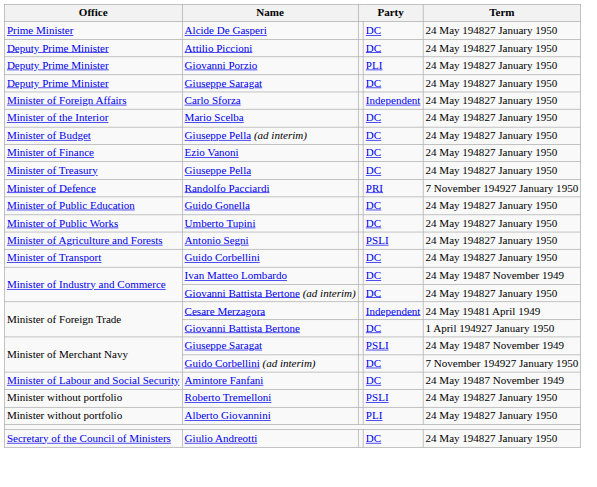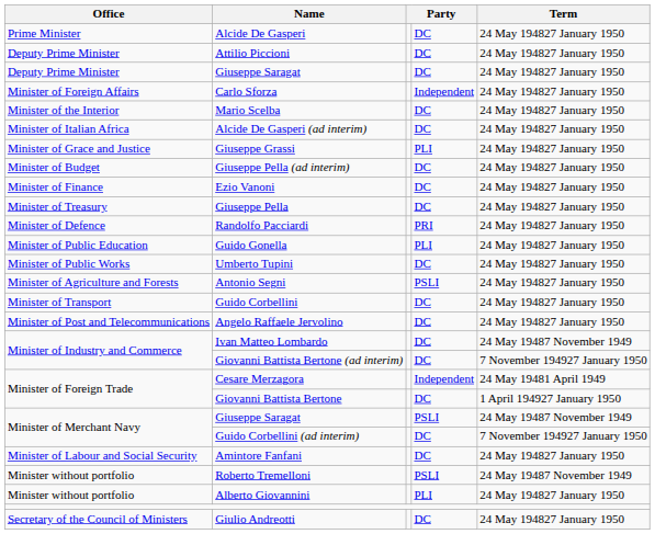 <table class="wikitable">
 <tr>
 <th>Office</th>
 <th>Name</th>
 <th colspan=2>Party</th>
 <th>Term</th>
 </tr>
 <tr>
 <td><a href='#'>Prime Minister</a></td>
 <td><a href='#'>Alcide De Gasperi</a></td>
 <td></td>
 <td><a href='#'>DC</a></td>
 <td>24 May 194827 January 1950</td>
 </tr>
 <tr>
 <td><a href='#'>Deputy Prime Minister</a></td>
 <td><a href='#'>Attilio Piccioni</a></td>
 <td></td>
 <td><a href='#'>DC</a></td>
 <td>24 May 194827 January 1950</td>
 </tr>
 <tr>
 <td><a href='#'>Deputy Prime Minister</a></td>
-<td><a href='#'>Giovanni Porzio</a></td>
-<td></td>
-<td><a href='#'>PLI</a></td>
-<td>24 May 194827 January 1950</td>
-</tr>
-<tr>
-<td><a href='#'>Deputy Prime Minister</a></td>
 <td><a href='#'>Giuseppe Saragat</a></td>
 <td></td>
 <td><a href='#'>DC</a></td>
 <td>24 May 194827 January 1950</td>
 </tr>
 <tr>
 <td><a href='#'>Minister of Foreign Affairs</a></td>
 <td><a href='#'>Carlo Sforza</a></td>
 <td></td>
 <td><a href='#'>Independent</a></td>
 <td>24 May 194827 January 1950</td>
 </tr>
 <tr>
 <td><a href='#'>Minister of the Interior</a></td>
 <td><a href='#'>Mario Scelba</a></td>
 <td></td>
 <td><a href='#'>DC</a></td>
+<td>24 May 194827 January 1950</td>
+</tr>
+<tr>
+<td><a href='#'>Minister of Italian Africa</a></td>
+<td><a href='#'>Alcide De Gasperi</a> <em>(ad interim)</em></td>
+<td></td>
+<td><a href='#'>DC</a></td>
+<td>24 May 194827 January 1950</td>
+</tr>
+<tr>
+<td><a href='#'>Minister of Grace and Justice</a></td>
+<td><a href='#'>Giuseppe Grassi</a></td>
+<td></td>
+<td><a href='#'>PLI</a></td>
 <td>24 May 194827 January 1950</td>
 </tr>
 <tr>
 <td><a href='#'>Minister of Budget</a></td>
 <td><a href='#'>Giuseppe Pella</a> <em>(ad interim)</em></td>
 <td></td>
 <td><a href='#'>DC</a></td>
 <td>24 May 194827 January 1950</td>
 </tr>
 <tr>
 <td><a href='#'>Minister of Finance</a></td>
 <td><a href='#'>Ezio Vanoni</a></td>
 <td></td>
 <td><a href='#'>DC</a></td>
 <td>24 May 194827 January 1950</td>
 </tr>
 <tr>
 <td><a href='#'>Minister of Treasury</a></td>
 <td><a href='#'>Giuseppe Pella</a></td>
 <td></td>
 <td><a href='#'>DC</a></td>
 <td>24 May 194827 January 1950</td>
 </tr>
 <tr>
 <td><a href='#'>Minister of Defence</a></td>
 <td><a href='#'>Randolfo Pacciardi</a></td>
 <td></td>
 <td><a href='#'>PRI</a></td>
-<td>7 November 194927 January 1950</td>
+<td>24 May 194827 January 1950</td>
 </tr>
 <tr>
 <td><a href='#'>Minister of Public Education</a></td>
 <td><a href='#'>Guido Gonella</a></td>
 <td></td>
-<td><a href='#'>DC</a></td>
+<td><a href='#'>PLI</a></td>
 <td>24 May 194827 January 1950</td>
 </tr>
 <tr>
 <td><a href='#'>Minister of Public Works</a></td>
 <td><a href='#'>Umberto Tupini</a></td>
 <td></td>
 <td><a href='#'>DC</a></td>
 <td>24 May 194827 January 1950</td>
 </tr>
 <tr>
 <td><a href='#'>Minister of Agriculture and Forests</a></td>
 <td><a href='#'>Antonio Segni</a></td>
 <td></td>
 <td><a href='#'>PSLI</a></td>
 <td>24 May 194827 January 1950</td>
 </tr>
 <tr>
 <td><a href='#'>Minister of Transport</a></td>
 <td><a href='#'>Guido Corbellini</a></td>
 <td></td>
 <td><a href='#'>DC</a></td>
 <td>24 May 194827 January 1950</td>
 </tr>
 <tr>
+<td><a href='#'>Minister of Post and Telecommunications</a></td>
+<td><a href='#'>Angelo Raffaele Jervolino</a></td>
+<td></td>
+<td><a href='#'>DC</a></td>
+<td>24 May 194827 January 1950</td>
+</tr>
+<tr>
 <td rowspan=2><a href='#'>Minister of Industry and Commerce</a></td>
 <td><a href='#'>Ivan Matteo Lombardo</a></td>
 <td></td>
 <td><a href='#'>DC</a></td>
 <td>24 May 19487 November 1949</td>
 </tr>
 <tr>
 <td><a href='#'>Giovanni Battista Bertone</a> <em>(ad interim)</em></td>
 <td></td>
 <td><a href='#'>DC</a></td>
-<td>24 May 194827 January 1950</td>
+<td>7 November 194927 January 1950</td>
 </tr>
 <tr>
 <td rowspan=2>Minister of Foreign Trade</td>
 <td><a href='#'>Cesare Merzagora</a></td>
 <td></td>
 <td><a href='#'>Independent</a></td>
 <td>24 May 19481 April 1949</td>
 </tr>
 <tr>
 <td><a href='#'>Giovanni Battista Bertone</a></td>
 <td></td>
 <td><a href='#'>DC</a></td>
 <td>1 April 194927 January 1950</td>
 </tr>
 <tr>
 <td rowspan=2>Minister of Merchant Navy</td>
 <td><a href='#'>Giuseppe Saragat</a></td>
 <td></td>
 <td><a href='#'>PSLI</a></td>
 <td>24 May 19487 November 1949</td>
 </tr>
 <tr>
 <td><a href='#'>Guido Corbellini</a> <em>(ad interim)</em></td>
 <td></td>
 <td><a href='#'>DC</a></td>
 <td>7 November 194927 January 1950</td>
 </tr>
 <tr>
 <td><a href='#'>Minister of Labour and Social Security</a></td>
 <td><a href='#'>Amintore Fanfani</a></td>
 <td></td>
 <td><a href='#'>DC</a></td>
-<td>24 May 19487 November 1949</td>
+<td>24 May 194827 January 1950</td>
 </tr>
 <tr>
 <td>Minister without portfolio</td>
 <td><a href='#'>Roberto Tremelloni</a></td>
 <td></td>
 <td><a href='#'>PSLI</a></td>
-<td>24 May 194827 January 1950</td>
+<td>24 May 19487 November 1949</td>
 </tr>
 <tr>
 <td>Minister without portfolio</td>
 <td><a href='#'>Alberto Giovannini</a></td>
 <td></td>
 <td><a href='#'>PLI</a></td>
 <td>24 May 194827 January 1950</td>
 </tr>
 <tr>
 <td colspan="5"></td>
 </tr>
 <tr>
 <td><a href='#'>Secretary of the Council of Ministers</a></td>
 <td><a href='#'>Giulio Andreotti</a></td>
 <td></td>
 <td><a href='#'>DC</a></td>
 <td>24 May 194827 January 1950</td>
 </tr>
 </table>
